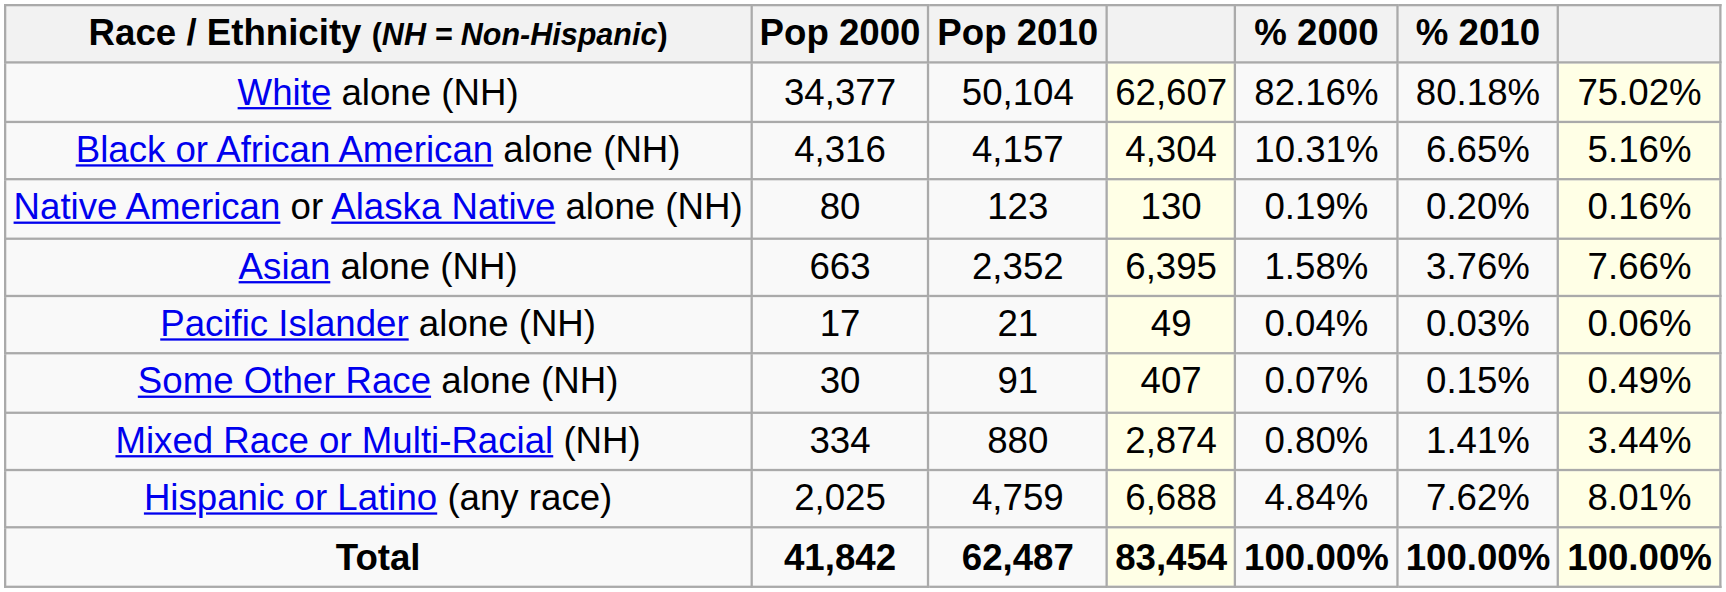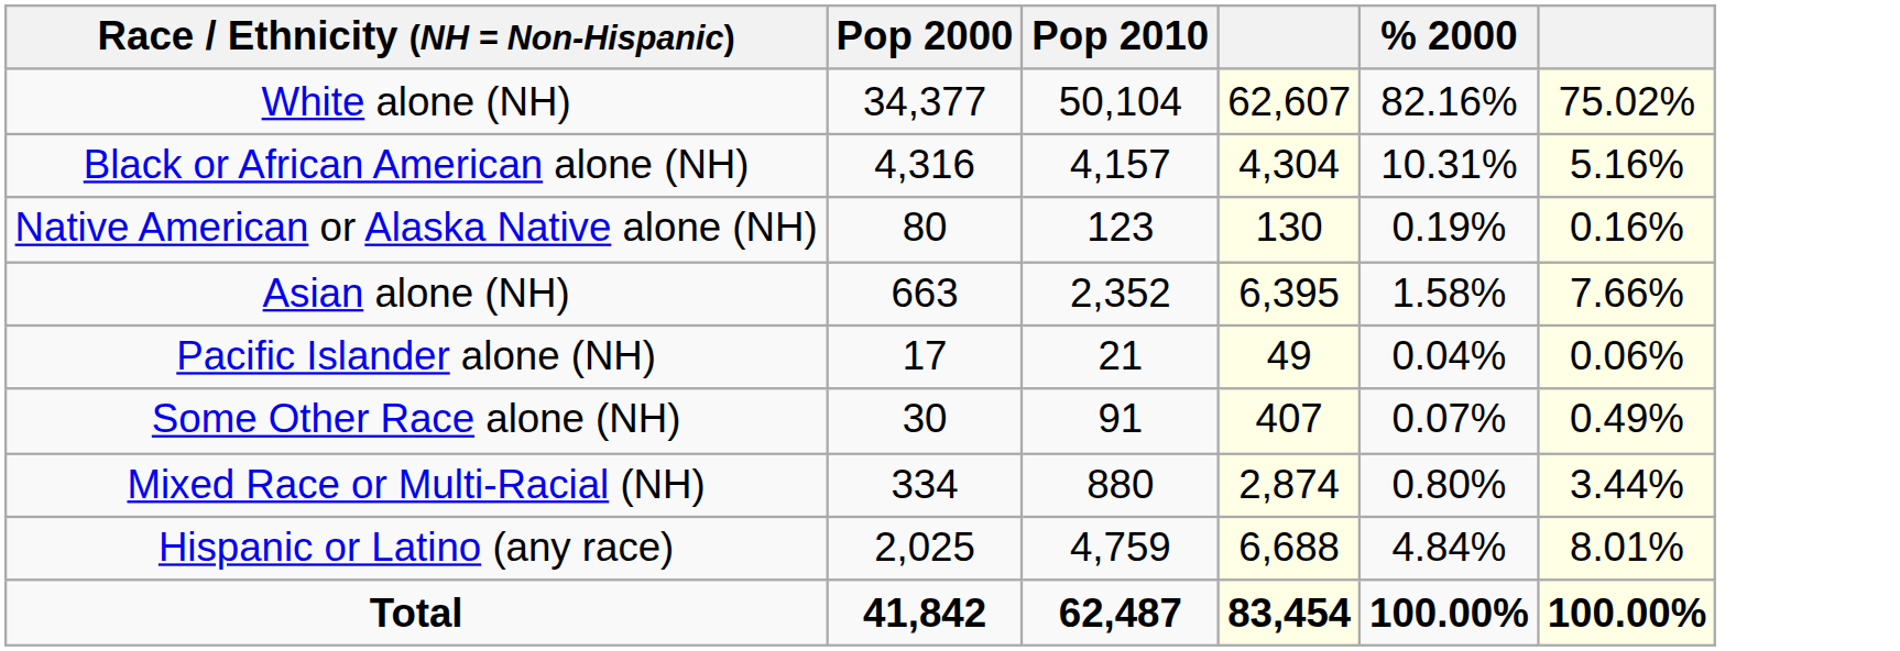 <table class="wikitable" style="text-align:center;">
 <tr>
 <th>Race / Ethnicity <small>(<em>NH = Non-Hispanic</em>)</small></th>
 <th>Pop 2000</th>
 <th>Pop 2010</th>
 <th></th>
 <th>% 2000</th>
-<th>% 2010</th>
 <th></th>
 </tr>
 <tr>
 <td><a href='#'>White</a> alone (NH)</td>
 <td>34,377</td>
 <td>50,104</td>
 <td style='background: #ffffe6;'>62,607</td>
 <td>82.16%</td>
-<td>80.18%</td>
 <td style='background: #ffffe6;'>75.02%</td>
 </tr>
 <tr>
 <td><a href='#'>Black or African American</a> alone (NH)</td>
 <td>4,316</td>
 <td>4,157</td>
 <td style='background: #ffffe6;'>4,304</td>
 <td>10.31%</td>
-<td>6.65%</td>
 <td style='background: #ffffe6;'>5.16%</td>
 </tr>
 <tr>
 <td><a href='#'>Native American</a> or <a href='#'>Alaska Native</a> alone (NH)</td>
 <td>80</td>
 <td>123</td>
 <td style='background: #ffffe6;'>130</td>
 <td>0.19%</td>
-<td>0.20%</td>
 <td style='background: #ffffe6;'>0.16%</td>
 </tr>
 <tr>
 <td><a href='#'>Asian</a> alone (NH)</td>
 <td>663</td>
 <td>2,352</td>
 <td style='background: #ffffe6;'>6,395</td>
 <td>1.58%</td>
-<td>3.76%</td>
 <td style='background: #ffffe6;'>7.66%</td>
 </tr>
 <tr>
 <td><a href='#'>Pacific Islander</a> alone (NH)</td>
 <td>17</td>
 <td>21</td>
 <td style='background: #ffffe6;'>49</td>
 <td>0.04%</td>
-<td>0.03%</td>
 <td style='background: #ffffe6;'>0.06%</td>
 </tr>
 <tr>
 <td><a href='#'>Some Other Race</a> alone (NH)</td>
 <td>30</td>
 <td>91</td>
 <td style='background: #ffffe6;'>407</td>
 <td>0.07%</td>
-<td>0.15%</td>
 <td style='background: #ffffe6;'>0.49%</td>
 </tr>
 <tr>
 <td><a href='#'>Mixed Race or Multi-Racial</a> (NH)</td>
 <td>334</td>
 <td>880</td>
 <td style='background: #ffffe6;'>2,874</td>
 <td>0.80%</td>
-<td>1.41%</td>
 <td style='background: #ffffe6;'>3.44%</td>
 </tr>
 <tr>
 <td><a href='#'>Hispanic or Latino</a> (any race)</td>
 <td>2,025</td>
 <td>4,759</td>
 <td style='background: #ffffe6;'>6,688</td>
 <td>4.84%</td>
-<td>7.62%</td>
 <td style='background: #ffffe6;'>8.01%</td>
 </tr>
 <tr>
 <td><strong>Total</strong></td>
 <td><strong>41,842</strong></td>
 <td><strong>62,487</strong></td>
 <td style='background: #ffffe6;'><strong>83,454</strong></td>
 <td><strong>100.00%</strong></td>
-<td><strong>100.00%</strong></td>
 <td style='background: #ffffe6;'><strong>100.00%</strong></td>
 </tr>
 </table>
